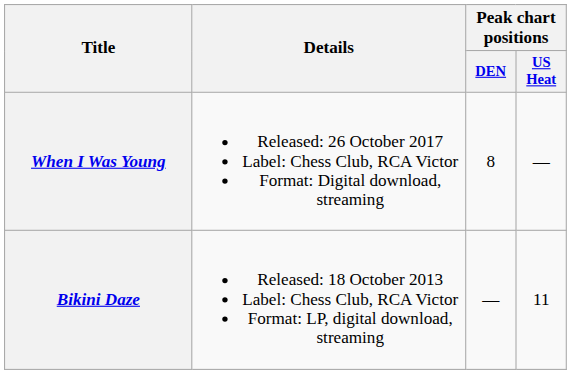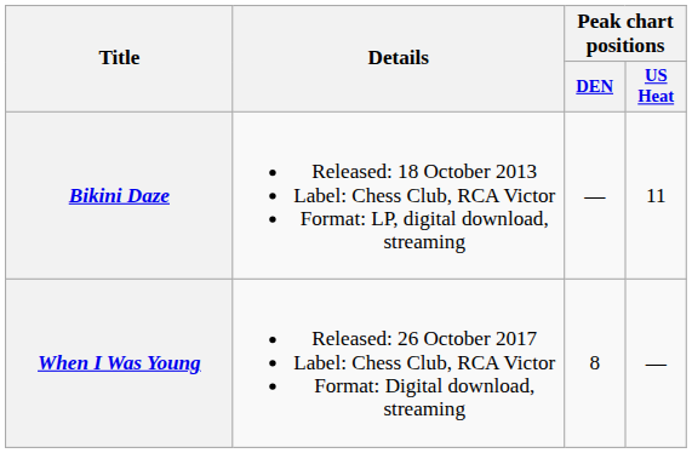 <table class="wikitable plainrowheaders" style="text-align:center;">
 <tr>
 <th scope="col" rowspan="2" style="width:10.5em;">Title</th>
 <th scope="col" rowspan="2" style="width:15.5em;">Details</th>
 <th scope="col" colspan="2">Peak chart positions</th>
 </tr>
 <tr>
 <th scope="col" style="width:3em;font-size:85%;"><a href='#'>DEN</a><br></th>
 <th scope="col" style="width:3em;font-size:85%;"><a href='#'>US<br>Heat</a><br></th>
 </tr>
 <tr>
+<th scope="row"><em><a href='#'>Bikini Daze</a></em></th>
+<td><br><ul><li>Released: 18 October 2013</li><li>Label: Chess Club, RCA Victor</li><li>Format: LP, digital download, streaming</li></ul></td>
+<td>—</td>
+<td>11</td>
+</tr>
+<tr>
 <th scope="row"><em><a href='#'>When I Was Young</a></em></th>
 <td><br><ul><li>Released: 26 October 2017</li><li>Label: Chess Club, RCA Victor</li><li>Format: Digital download, streaming</li></ul></td>
 <td>8</td>
 <td>—</td>
 </tr>
-<tr>
-<th scope="row"><em><a href='#'>Bikini Daze</a></em></th>
-<td><br><ul><li>Released: 18 October 2013</li><li>Label: Chess Club, RCA Victor</li><li>Format: LP, digital download, streaming</li></ul></td>
-<td>—</td>
-<td>11</td>
-</tr>
 </table>
